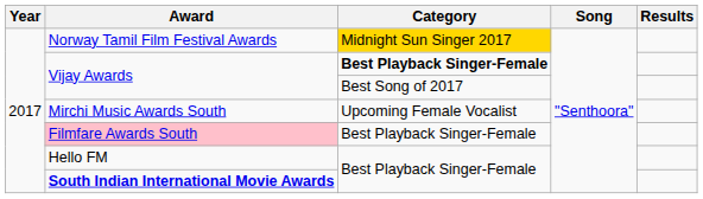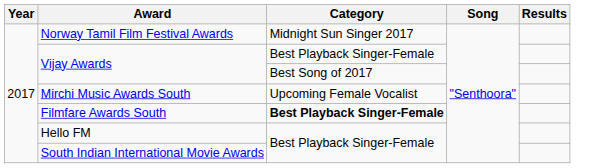 <table class="wikitable">
 <tr>
 <th scope="col">Year</th>
 <th scope="col">Award</th>
 <th scope="col">Category</th>
 <th scope="col">Song</th>
 <th scope="col">Results</th>
 </tr>
 <tr>
 <td rowspan="7">2017</td>
 <td><a href='#'>Norway Tamil Film Festival Awards</a></td>
-<td style="background: gold;">Midnight Sun Singer 2017</td>
+<td>Midnight Sun Singer 2017</td>
 <td rowspan="7"><a href='#'>"Senthoora"</a></td>
 <td></td>
 </tr>
 <tr>
 <td rowspan="2"><a href='#'>Vijay Awards</a></td>
-<td><strong>Best Playback Singer-Female</strong></td>
+<td>Best Playback Singer-Female</td>
 <td></td>
 </tr>
 <tr>
 <td>Best Song of 2017</td>
 <td></td>
 </tr>
 <tr>
 <td><a href='#'>Mirchi Music Awards South</a></td>
 <td>Upcoming Female Vocalist</td>
 <td></td>
 </tr>
 <tr>
-<td style="background: pink;"><a href='#'>Filmfare Awards South</a></td>
-<td>Best Playback Singer-Female</td>
+<td><a href='#'>Filmfare Awards South</a></td>
+<td><strong>Best Playback Singer-Female</strong></td>
 <td></td>
 </tr>
 <tr>
 <td>Hello FM</td>
 <td rowspan="2">Best Playback Singer-Female</td>
 <td></td>
 </tr>
 <tr>
-<td><strong><a href='#'>South Indian International Movie Awards</a></strong></td>
+<td><a href='#'>South Indian International Movie Awards</a></td>
 <td></td>
 </tr>
 </table>
